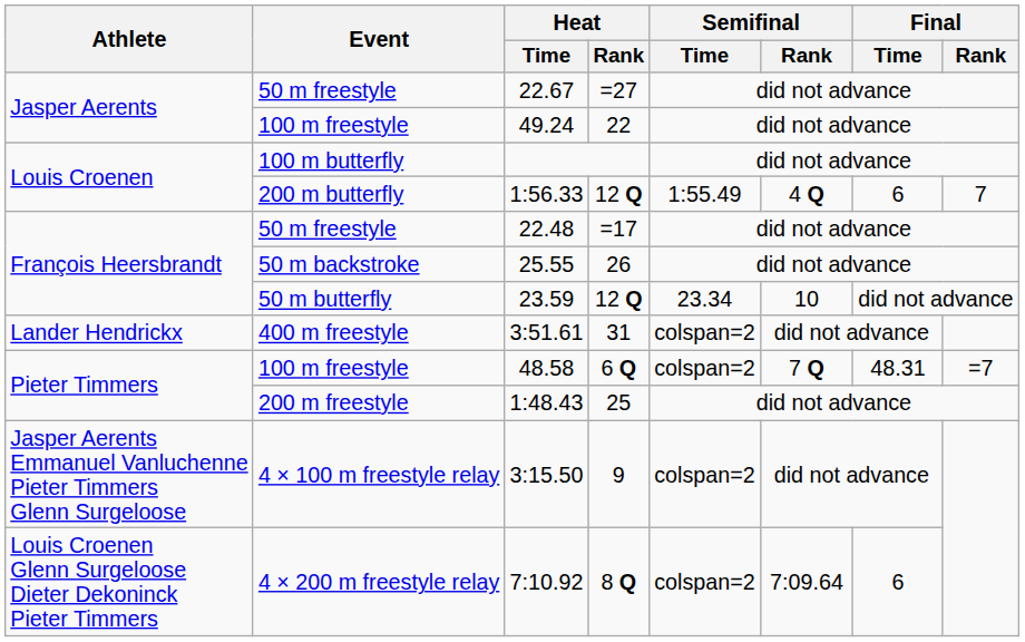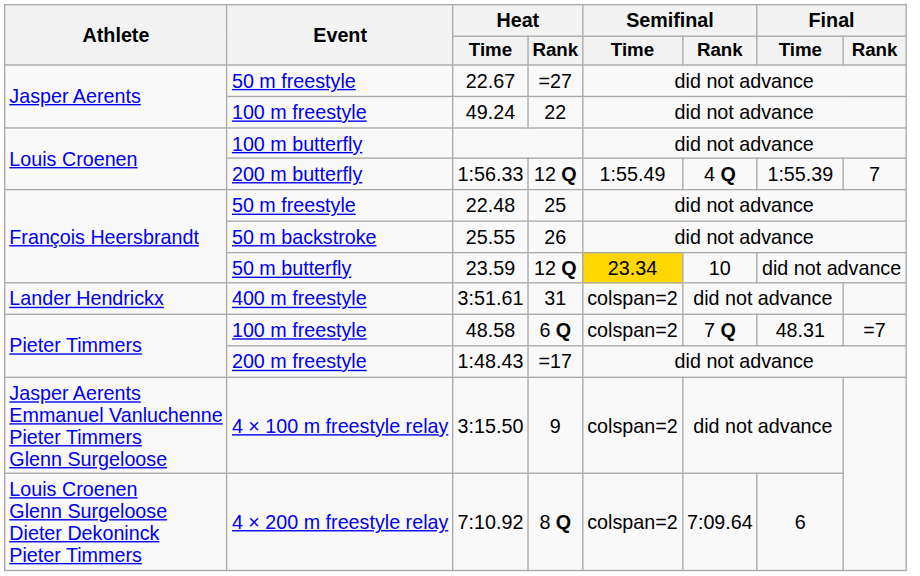 <table class=wikitable style="font-size:90%">
 <tr>
 <th rowspan="2">Athlete</th>
 <th rowspan="2">Event</th>
 <th colspan="2">Heat</th>
 <th colspan="2">Semifinal</th>
 <th colspan="2">Final</th>
 </tr>
 <tr style="font-size:95%">
 <th>Time</th>
 <th>Rank</th>
 <th>Time</th>
 <th>Rank</th>
 <th>Time</th>
 <th>Rank</th>
 </tr>
 <tr align=center>
 <td align=left rowspan=2><a href='#'>Jasper Aerents</a></td>
 <td align=left><a href='#'>50 m freestyle</a></td>
 <td>22.67</td>
 <td>=27</td>
 <td colspan=4>did not advance</td>
 </tr>
 <tr align=center>
 <td align=left><a href='#'>100 m freestyle</a></td>
 <td>49.24</td>
 <td>22</td>
 <td colspan=4>did not advance</td>
 </tr>
 <tr align=center>
 <td align=left rowspan=2><a href='#'>Louis Croenen</a></td>
 <td align=left><a href='#'>100 m butterfly</a></td>
 <td colspan=2></td>
 <td colspan=4>did not advance</td>
 </tr>
 <tr align=center>
 <td align=left><a href='#'>200 m butterfly</a></td>
 <td>1:56.33</td>
 <td>12 <strong>Q</strong></td>
 <td>1:55.49</td>
 <td>4 <strong>Q</strong></td>
-<td>6</td>
+<td>1:55.39</td>
 <td>7</td>
 </tr>
 <tr align=center>
 <td align=left rowspan=3><a href='#'>François Heersbrandt</a></td>
 <td align=left><a href='#'>50 m freestyle</a></td>
 <td>22.48</td>
-<td>=17</td>
+<td>25</td>
 <td colspan=4>did not advance</td>
 </tr>
 <tr align=center>
 <td align=left><a href='#'>50 m backstroke</a></td>
 <td>25.55</td>
 <td>26</td>
 <td colspan=4>did not advance</td>
 </tr>
 <tr align=center>
 <td align=left><a href='#'>50 m butterfly</a></td>
 <td>23.59</td>
 <td>12 <strong>Q</strong></td>
-<td>23.34</td>
+<td style="background: gold;">23.34</td>
 <td>10</td>
 <td colspan=2>did not advance</td>
 </tr>
 <tr align=center>
 <td align=left><a href='#'>Lander Hendrickx</a></td>
 <td align=left><a href='#'>400 m freestyle</a></td>
 <td>3:51.61</td>
 <td>31</td>
 <td>colspan=2 </td>
 <td colspan=2>did not advance</td>
 </tr>
 <tr align=center>
 <td align=left rowspan=2><a href='#'>Pieter Timmers</a></td>
 <td align=left><a href='#'>100 m freestyle</a></td>
 <td>48.58</td>
 <td>6 <strong>Q</strong></td>
 <td>colspan=2 </td>
 <td>7 <strong>Q</strong></td>
 <td>48.31</td>
 <td>=7</td>
 </tr>
 <tr align=center>
 <td align=left><a href='#'>200 m freestyle</a></td>
 <td>1:48.43</td>
-<td>25</td>
+<td>=17</td>
 <td colspan=4>did not advance</td>
 </tr>
 <tr align=center>
 <td align=left><a href='#'>Jasper Aerents</a><br><a href='#'>Emmanuel Vanluchenne</a><br><a href='#'>Pieter Timmers</a><br><a href='#'>Glenn Surgeloose</a></td>
 <td align=left><a href='#'>4 × 100 m freestyle relay</a></td>
 <td>3:15.50</td>
 <td>9</td>
 <td>colspan=2 </td>
 <td colspan=2>did not advance</td>
 </tr>
 <tr align=center>
 <td align=left><a href='#'>Louis Croenen</a><br><a href='#'>Glenn Surgeloose</a><br><a href='#'>Dieter Dekoninck</a><br><a href='#'>Pieter Timmers</a></td>
 <td align=left><a href='#'>4 × 200 m freestyle relay</a></td>
 <td>7:10.92</td>
 <td>8 <strong>Q</strong></td>
 <td>colspan=2 </td>
 <td>7:09.64</td>
 <td>6</td>
 </tr>
 </table>
